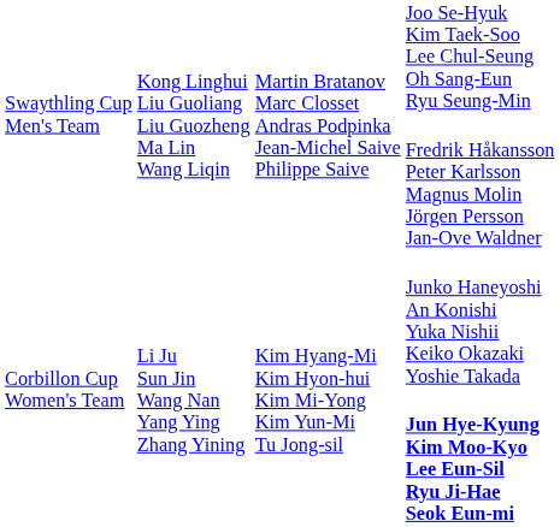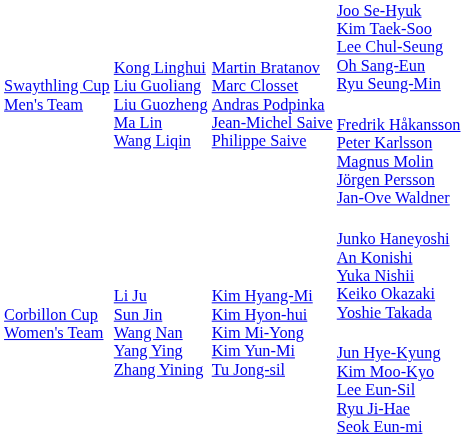 <table>
 <tr>
 <td rowspan=2><a href='#'>Swaythling Cup<br>Men's Team</a></td>
 <td rowspan=2><br><a href='#'>Kong Linghui</a><br><a href='#'>Liu Guoliang</a><br><a href='#'>Liu Guozheng</a><br><a href='#'>Ma Lin</a><br><a href='#'>Wang Liqin</a></td>
 <td rowspan=2><br><a href='#'>Martin Bratanov</a><br><a href='#'>Marc Closset</a><br><a href='#'>Andras Podpinka</a><br><a href='#'>Jean-Michel Saive</a><br><a href='#'>Philippe Saive</a></td>
 <td><br><a href='#'>Joo Se-Hyuk</a><br><a href='#'>Kim Taek-Soo</a><br><a href='#'>Lee Chul-Seung</a><br><a href='#'>Oh Sang-Eun</a><br><a href='#'>Ryu Seung-Min</a></td>
 </tr>
 <tr>
 <td><br><a href='#'>Fredrik Håkansson</a><br><a href='#'>Peter Karlsson</a><br><a href='#'>Magnus Molin</a><br><a href='#'>Jörgen Persson</a><br><a href='#'>Jan-Ove Waldner</a></td>
 </tr>
 <tr>
 <td rowspan=2><a href='#'>Corbillon Cup<br>Women's Team</a></td>
 <td rowspan=2><br><a href='#'>Li Ju</a><br><a href='#'>Sun Jin</a><br><a href='#'>Wang Nan</a><br><a href='#'>Yang Ying</a><br><a href='#'>Zhang Yining</a></td>
 <td rowspan=2><br><a href='#'>Kim Hyang-Mi</a><br><a href='#'>Kim Hyon-hui</a><br><a href='#'>Kim Mi-Yong</a><br><a href='#'>Kim Yun-Mi</a><br><a href='#'>Tu Jong-sil</a></td>
 <td><br><a href='#'>Junko Haneyoshi</a><br><a href='#'>An Konishi</a><br><a href='#'>Yuka Nishii</a><br><a href='#'>Keiko Okazaki</a><br><a href='#'>Yoshie Takada</a></td>
 </tr>
 <tr>
-<td><strong><br><a href='#'>Jun Hye-Kyung</a><br><a href='#'>Kim Moo-Kyo</a><br><a href='#'>Lee Eun-Sil</a><br><a href='#'>Ryu Ji-Hae</a><br><a href='#'>Seok Eun-mi</a></strong></td>
+<td><br><a href='#'>Jun Hye-Kyung</a><br><a href='#'>Kim Moo-Kyo</a><br><a href='#'>Lee Eun-Sil</a><br><a href='#'>Ryu Ji-Hae</a><br><a href='#'>Seok Eun-mi</a></td>
 </tr>
 </table>
